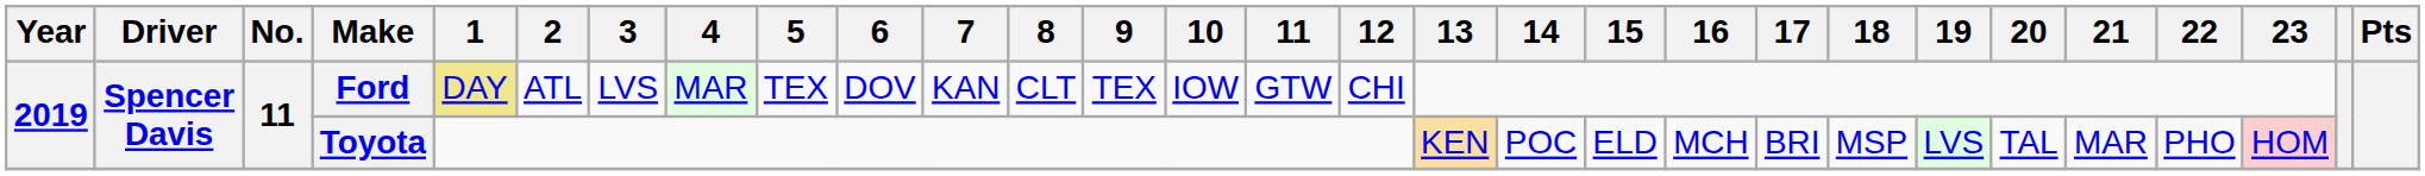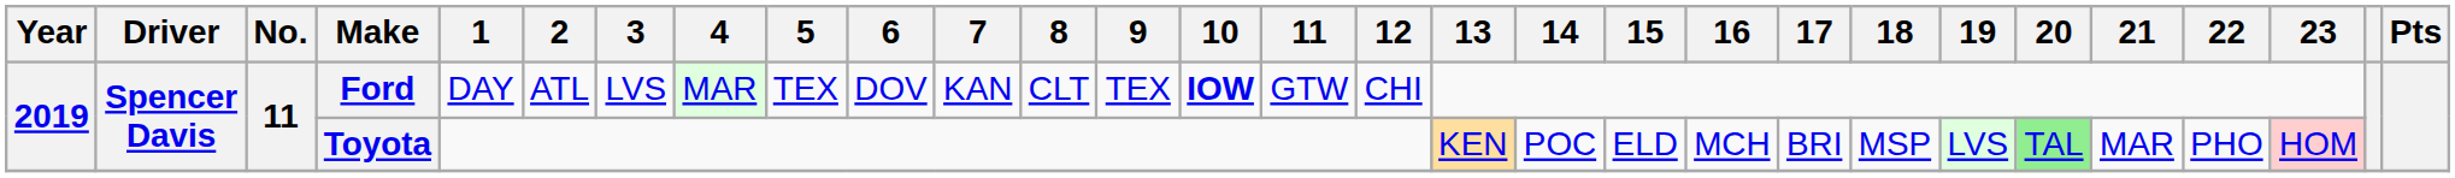 <table class="wikitable" style="text-align:center; font-size:75%">
 <tr>
 <th>Year</th>
 <th>Driver</th>
 <th>No.</th>
 <th>Make</th>
 <th>1</th>
 <th>2</th>
 <th>3</th>
 <th>4</th>
 <th>5</th>
 <th>6</th>
 <th>7</th>
 <th>8</th>
 <th>9</th>
 <th>10</th>
 <th>11</th>
 <th>12</th>
 <th>13</th>
 <th>14</th>
 <th>15</th>
 <th>16</th>
 <th>17</th>
 <th>18</th>
 <th>19</th>
 <th>20</th>
 <th>21</th>
 <th>22</th>
 <th>23</th>
 <th></th>
 <th>Pts</th>
 </tr>
 <tr>
 <th rowspan=2><a href='#'>2019</a></th>
 <th rowspan=2><a href='#'>Spencer Davis</a></th>
 <th rowspan=2>11</th>
 <th><a href='#'>Ford</a></th>
-<td style="background: khaki;"><a href='#'>DAY</a></td>
+<td><a href='#'>DAY</a></td>
 <td><a href='#'>ATL</a></td>
 <td><a href='#'>LVS</a></td>
 <td style="background:#DFFFDF;"><a href='#'>MAR</a><br></td>
 <td><a href='#'>TEX</a></td>
 <td><a href='#'>DOV</a></td>
 <td><a href='#'>KAN</a></td>
 <td><a href='#'>CLT</a></td>
 <td><a href='#'>TEX</a></td>
-<td><a href='#'>IOW</a></td>
+<td><strong><a href='#'>IOW</a></strong></td>
 <td><a href='#'>GTW</a></td>
 <td><a href='#'>CHI</a></td>
 <td colspan=11></td>
 <th rowspan=2></th>
 <th rowspan=2></th>
 </tr>
 <tr>
 <th><a href='#'>Toyota</a></th>
 <td colspan=12></td>
 <td style="background:#FFDF9F;"><a href='#'>KEN</a><br></td>
 <td><a href='#'>POC</a></td>
 <td><a href='#'>ELD</a></td>
 <td><a href='#'>MCH</a></td>
 <td><a href='#'>BRI</a></td>
 <td><a href='#'>MSP</a></td>
 <td style="background:#DFFFDF;"><a href='#'>LVS</a><br></td>
-<td><a href='#'>TAL</a></td>
+<td style="background: lightgreen;"><a href='#'>TAL</a></td>
 <td><a href='#'>MAR</a></td>
 <td><a href='#'>PHO</a></td>
 <td style="background:#FFCFCF;"><a href='#'>HOM</a><br></td>
 </tr>
 <tr>
 </tr>
 </table>
